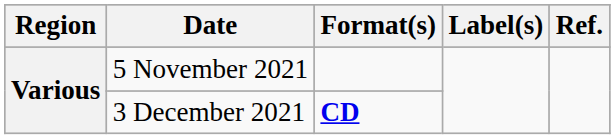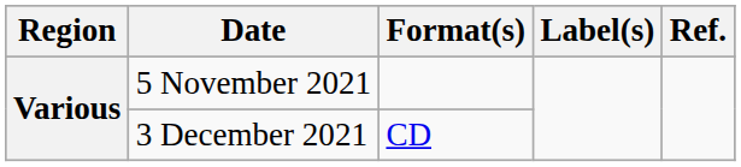 <table class="wikitable plainrowheaders">
 <tr>
 <th scope="col">Region</th>
 <th scope="col">Date</th>
 <th scope="col">Format(s)</th>
 <th scope="col">Label(s)</th>
 <th scope="col">Ref.</th>
 </tr>
 <tr>
 <th scope="row" rowspan="2">Various</th>
 <td>5 November 2021</td>
 <td></td>
 <td rowspan="2"></td>
 <td rowspan="2"></td>
 </tr>
 <tr>
 <td>3 December 2021</td>
-<td><strong><a href='#'>CD</a></strong></td>
+<td><a href='#'>CD</a></td>
 </tr>
 </table>
